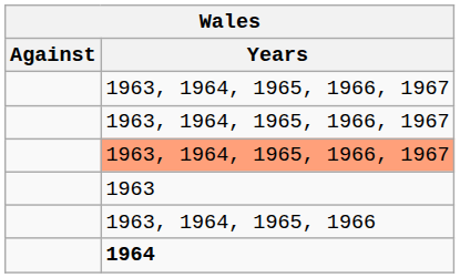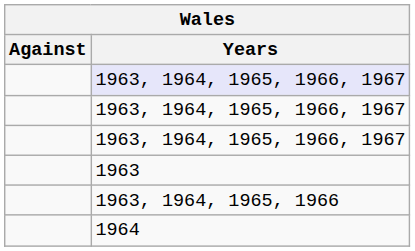 <table class=wikitable>
 <tr>
 <th colspan=2><strong>Wales</strong></th>
 </tr>
 <tr>
 <th>Against</th>
 <th>Years</th>
+</tr>
+<tr>
+<td></td>
+<td style="background: lavender;">1963, 1964, 1965, 1966, 1967</td>
 </tr>
 <tr>
 <td></td>
 <td>1963, 1964, 1965, 1966, 1967</td>
 </tr>
 <tr>
 <td></td>
 <td>1963, 1964, 1965, 1966, 1967</td>
 </tr>
 <tr>
 <td></td>
-<td style="background: lightsalmon;">1963, 1964, 1965, 1966, 1967</td>
-</tr>
-<tr>
-<td></td>
 <td>1963</td>
 </tr>
 <tr>
 <td></td>
 <td>1963, 1964, 1965, 1966</td>
 </tr>
 <tr>
 <td></td>
-<td><strong>1964</strong></td>
+<td>1964</td>
 </tr>
 </table>
